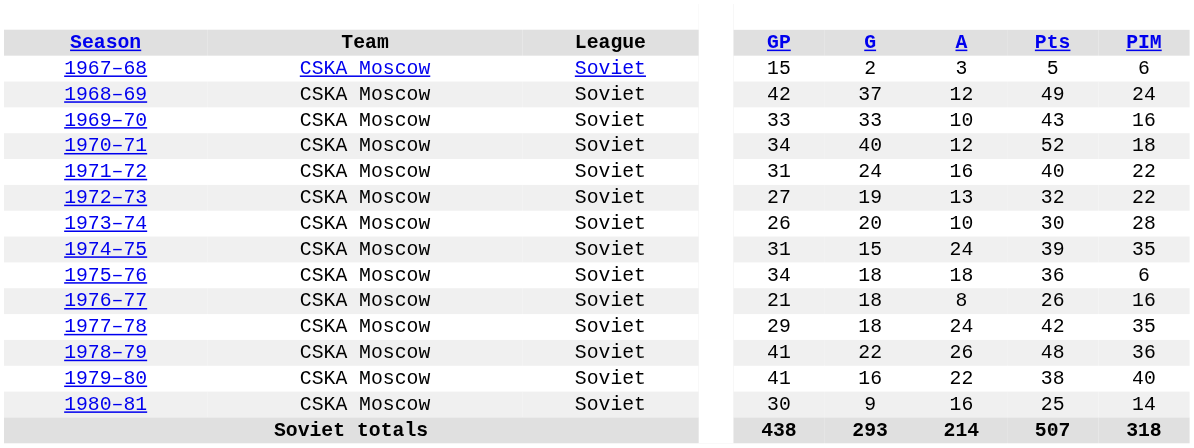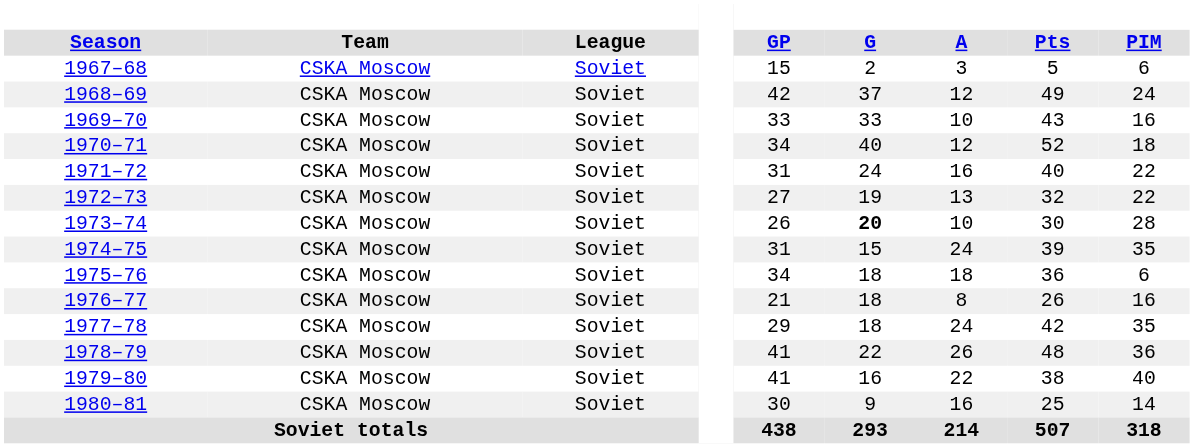 <table border="0" cellpadding="1" cellspacing="0" style="text-align:center; width:60em">
 <tr bgcolor="#e0e0e0">
 <th colspan="3" bgcolor="#ffffff"> </th>
 <th rowspan="99" bgcolor="#ffffff"> </th>
 </tr>
 <tr bgcolor="#e0e0e0">
 <th><a href='#'>Season</a></th>
 <th>Team</th>
 <th>League</th>
 <th><a href='#'>GP</a></th>
 <th><a href='#'>G</a></th>
 <th><a href='#'>A</a></th>
 <th><a href='#'>Pts</a></th>
 <th><a href='#'>PIM</a></th>
 </tr>
 <tr>
 <td><a href='#'>1967–68</a></td>
 <td><a href='#'>CSKA Moscow</a></td>
 <td><a href='#'>Soviet</a></td>
 <td>15</td>
 <td>2</td>
 <td>3</td>
 <td>5</td>
 <td>6</td>
 </tr>
 <tr bgcolor="#f0f0f0">
 <td><a href='#'>1968–69</a></td>
 <td>CSKA Moscow</td>
 <td>Soviet</td>
 <td>42</td>
 <td>37</td>
 <td>12</td>
 <td>49</td>
 <td>24</td>
 </tr>
 <tr>
 <td><a href='#'>1969–70</a></td>
 <td>CSKA Moscow</td>
 <td>Soviet</td>
 <td>33</td>
 <td>33</td>
 <td>10</td>
 <td>43</td>
 <td>16</td>
 </tr>
 <tr bgcolor="#f0f0f0">
 <td><a href='#'>1970–71</a></td>
 <td>CSKA Moscow</td>
 <td>Soviet</td>
 <td>34</td>
 <td>40</td>
 <td>12</td>
 <td>52</td>
 <td>18</td>
 </tr>
 <tr>
 <td><a href='#'>1971–72</a></td>
 <td>CSKA Moscow</td>
 <td>Soviet</td>
 <td>31</td>
 <td>24</td>
 <td>16</td>
 <td>40</td>
 <td>22</td>
 </tr>
 <tr bgcolor="#f0f0f0">
 <td><a href='#'>1972–73</a></td>
 <td>CSKA Moscow</td>
 <td>Soviet</td>
 <td>27</td>
 <td>19</td>
 <td>13</td>
 <td>32</td>
 <td>22</td>
 </tr>
 <tr>
 <td><a href='#'>1973–74</a></td>
 <td>CSKA Moscow</td>
 <td>Soviet</td>
 <td>26</td>
-<td>20</td>
+<td><strong>20</strong></td>
 <td>10</td>
 <td>30</td>
 <td>28</td>
 </tr>
 <tr bgcolor="#f0f0f0">
 <td><a href='#'>1974–75</a></td>
 <td>CSKA Moscow</td>
 <td>Soviet</td>
 <td>31</td>
 <td>15</td>
 <td>24</td>
 <td>39</td>
 <td>35</td>
 </tr>
 <tr>
 <td><a href='#'>1975–76</a></td>
 <td>CSKA Moscow</td>
 <td>Soviet</td>
 <td>34</td>
 <td>18</td>
 <td>18</td>
 <td>36</td>
 <td>6</td>
 </tr>
 <tr bgcolor="#f0f0f0">
 <td><a href='#'>1976–77</a></td>
 <td>CSKA Moscow</td>
 <td>Soviet</td>
 <td>21</td>
 <td>18</td>
 <td>8</td>
 <td>26</td>
 <td>16</td>
 </tr>
 <tr>
 <td><a href='#'>1977–78</a></td>
 <td>CSKA Moscow</td>
 <td>Soviet</td>
 <td>29</td>
 <td>18</td>
 <td>24</td>
 <td>42</td>
 <td>35</td>
 </tr>
 <tr bgcolor="#f0f0f0">
 <td><a href='#'>1978–79</a></td>
 <td>CSKA Moscow</td>
 <td>Soviet</td>
 <td>41</td>
 <td>22</td>
 <td>26</td>
 <td>48</td>
 <td>36</td>
 </tr>
 <tr>
 <td><a href='#'>1979–80</a></td>
 <td>CSKA Moscow</td>
 <td>Soviet</td>
 <td>41</td>
 <td>16</td>
 <td>22</td>
 <td>38</td>
 <td>40</td>
 </tr>
 <tr bgcolor="#f0f0f0">
 <td><a href='#'>1980–81</a></td>
 <td>CSKA Moscow</td>
 <td>Soviet</td>
 <td>30</td>
 <td>9</td>
 <td>16</td>
 <td>25</td>
 <td>14</td>
 </tr>
 <tr bgcolor="#e0e0e0">
 <th colspan="3">Soviet totals</th>
 <th>438</th>
 <th>293</th>
 <th>214</th>
 <th>507</th>
 <th>318</th>
 </tr>
 </table>
